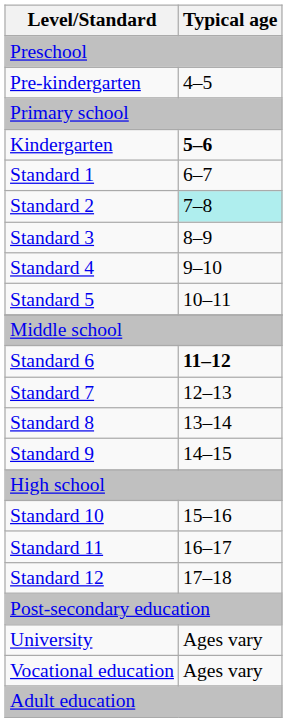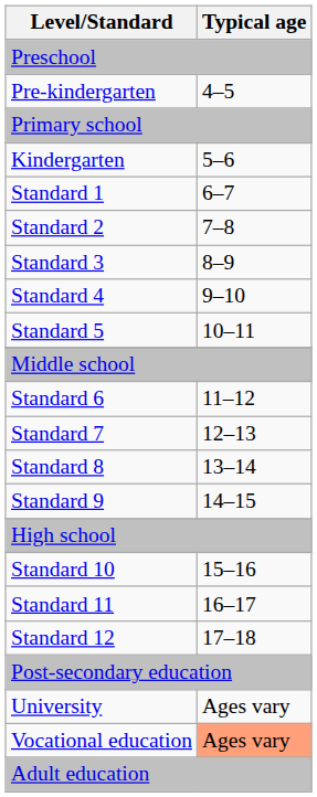 <table class="wikitable" style="float:right">
 <tr>
 <th>Level/Standard</th>
 <th>Typical age</th>
 </tr>
 <tr style="background:silver;">
 <td colspan=2><a href='#'>Preschool</a></td>
 </tr>
 <tr>
 <td><a href='#'>Pre-kindergarten</a></td>
 <td>4–5</td>
 </tr>
 <tr style="background:silver;">
 <td colspan=2><a href='#'>Primary school</a></td>
 </tr>
 <tr>
 <td><a href='#'>Kindergarten</a></td>
-<td><strong>5–6</strong></td>
+<td>5–6</td>
 </tr>
 <tr>
 <td><a href='#'>Standard 1</a></td>
 <td>6–7</td>
 </tr>
 <tr>
 <td><a href='#'>Standard 2</a></td>
-<td style="background: paleturquoise;">7–8</td>
+<td>7–8</td>
 </tr>
 <tr>
 <td><a href='#'>Standard 3</a></td>
 <td>8–9</td>
 </tr>
 <tr>
 <td><a href='#'>Standard 4</a></td>
 <td>9–10</td>
 </tr>
 <tr>
 <td><a href='#'>Standard 5</a></td>
 <td>10–11</td>
 </tr>
 <tr>
 </tr>
 <tr style="background:silver;">
 <td colspan=2><a href='#'>Middle school</a></td>
 </tr>
 <tr>
 <td><a href='#'>Standard 6</a></td>
-<td><strong>11–12</strong></td>
+<td>11–12</td>
 </tr>
 <tr>
 <td><a href='#'>Standard 7</a></td>
 <td>12–13</td>
 </tr>
 <tr>
 <td><a href='#'>Standard 8</a></td>
 <td>13–14</td>
 </tr>
 <tr>
 <td><a href='#'>Standard 9</a></td>
 <td>14–15</td>
 </tr>
 <tr style="background:silver;">
 <td colspan=2><a href='#'>High school</a></td>
 </tr>
 <tr>
 <td><a href='#'>Standard 10</a></td>
 <td>15–16</td>
 </tr>
 <tr>
 <td><a href='#'>Standard 11</a></td>
 <td>16–17</td>
 </tr>
 <tr>
 <td><a href='#'>Standard 12</a></td>
 <td>17–18</td>
 </tr>
 <tr style="background:silver;">
 <td colspan=2><a href='#'>Post-secondary education</a></td>
 </tr>
 <tr>
 <td><a href='#'>University</a></td>
 <td>Ages vary</td>
 </tr>
 <tr>
 <td><a href='#'>Vocational education</a></td>
-<td>Ages vary</td>
+<td style="background: lightsalmon;">Ages vary</td>
 </tr>
 <tr style="background:silver;">
 <td colspan=2><a href='#'>Adult education</a></td>
 </tr>
 </table>
